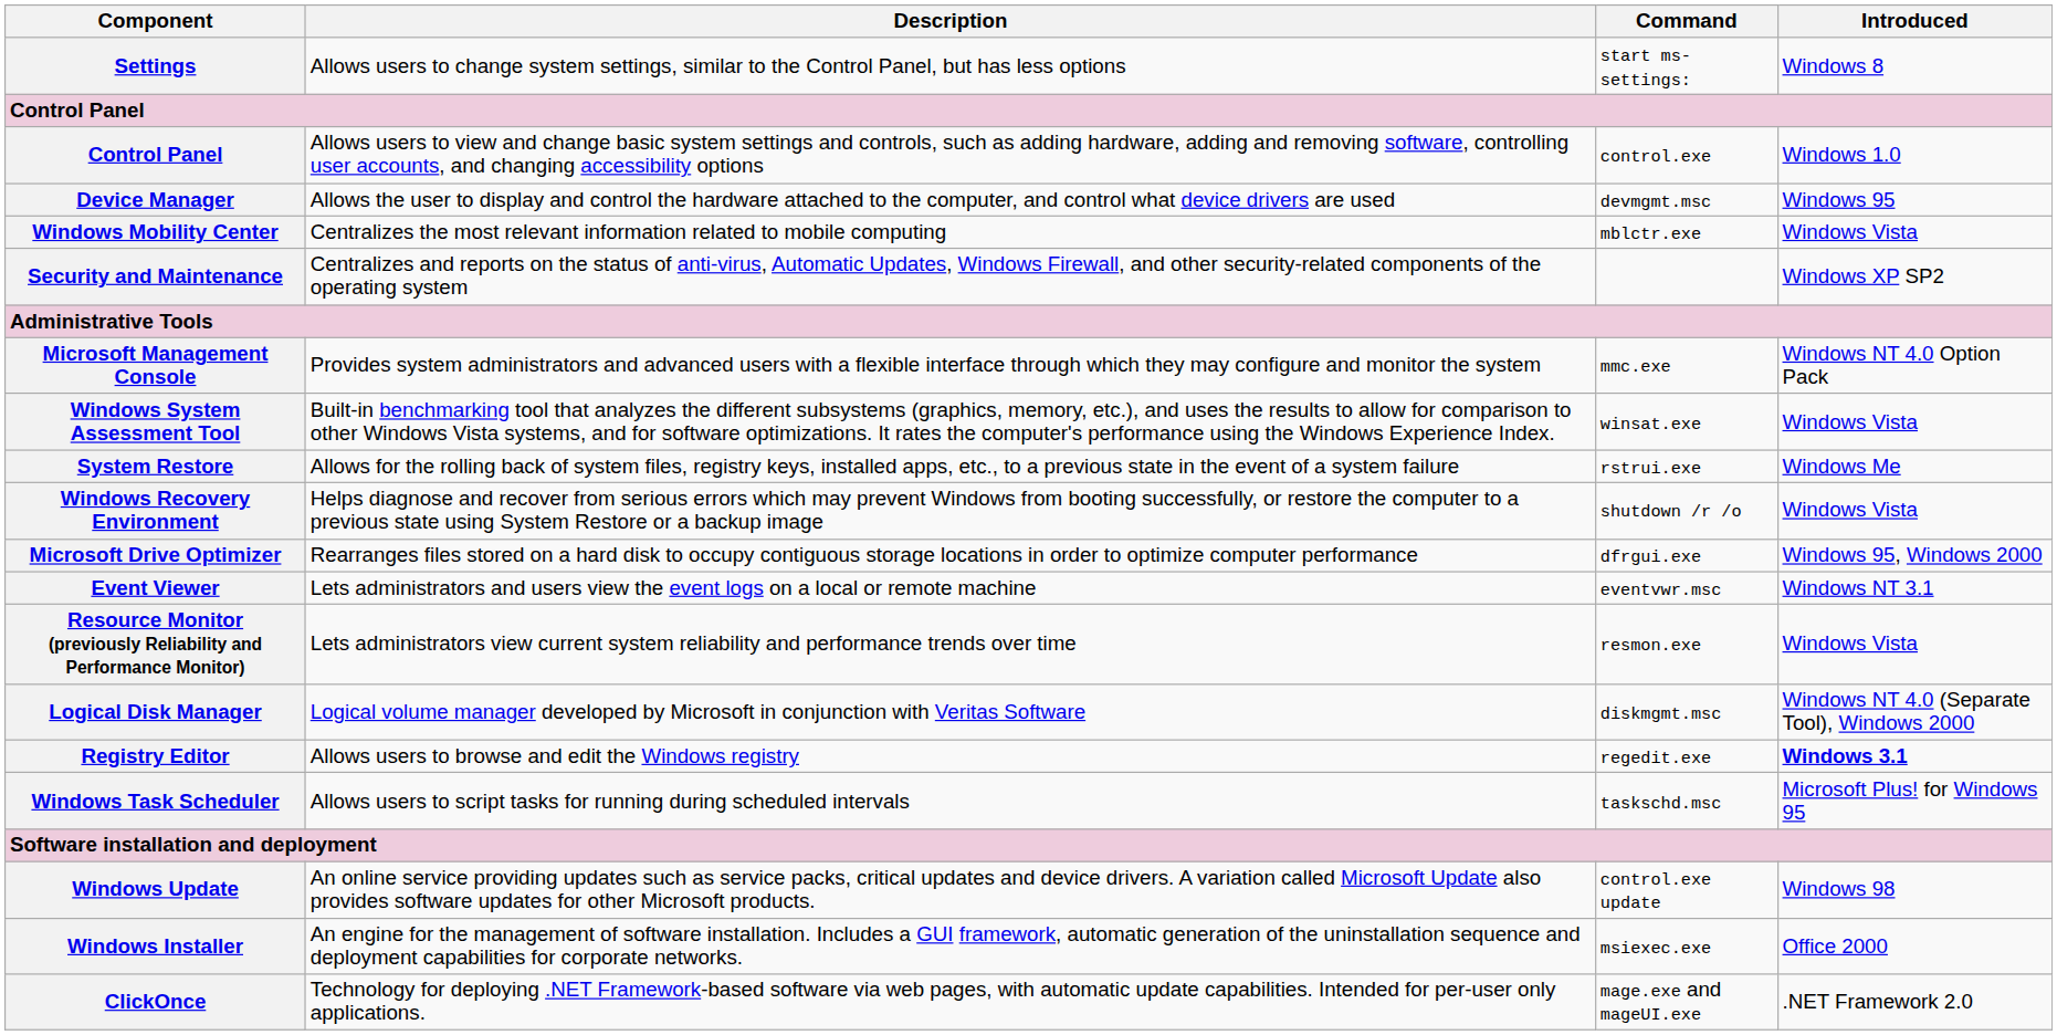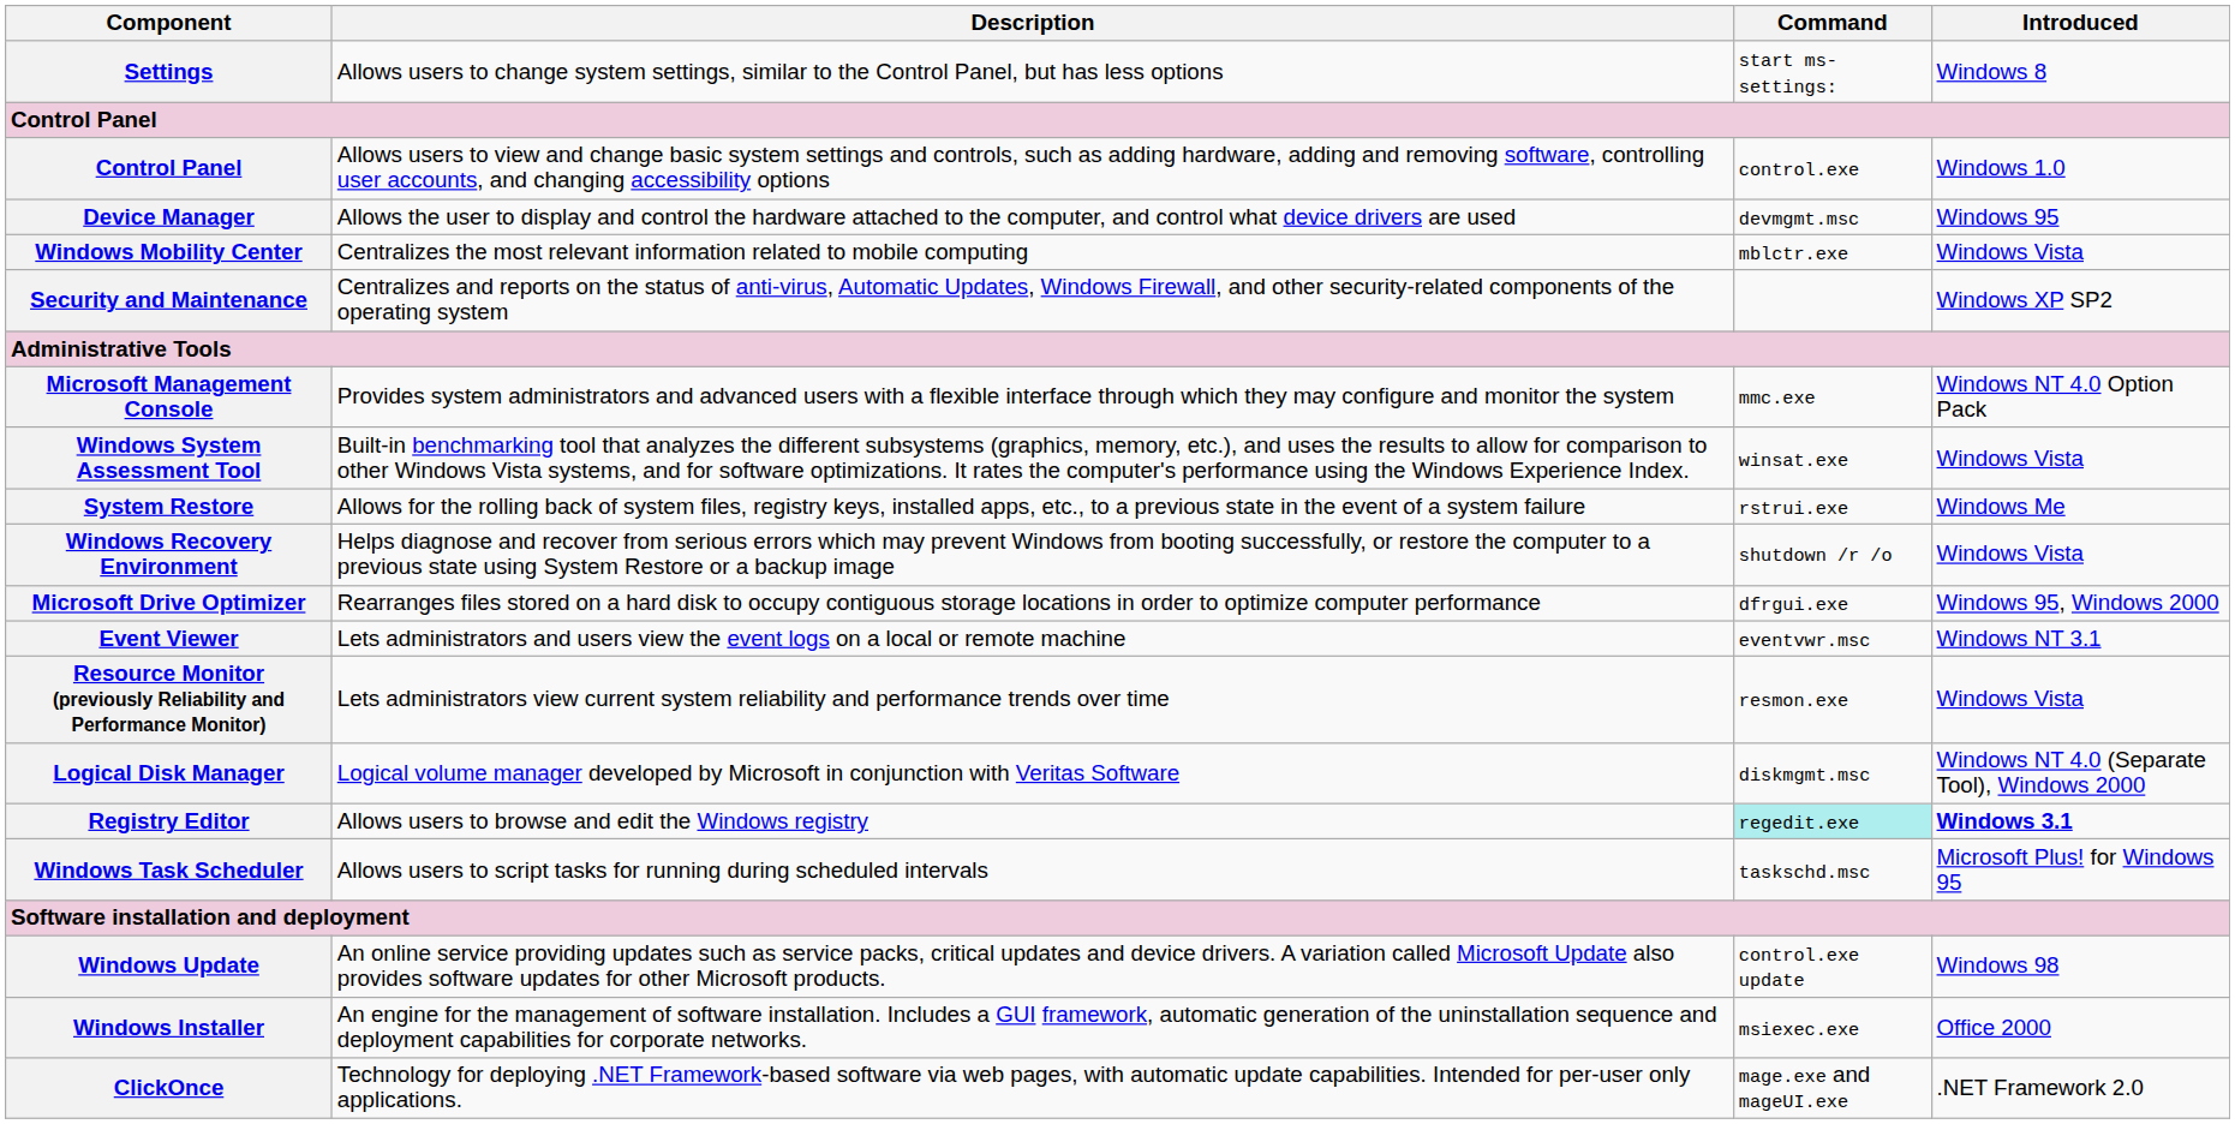 <table class="wikitable" width=100%>
 <tr>
 <th width="225" scope="col">Component</th>
 <th scope="col">Description</th>
 <th scope="col">Command</th>
 <th width="205" scope="col">Introduced</th>
 </tr>
 <tr>
 <th><a href='#'>Settings</a></th>
 <td>Allows users to change system settings, similar to the Control Panel, but has less options</td>
 <td><code>start ms-settings:</code></td>
 <td><a href='#'>Windows 8</a></td>
 </tr>
 <tr bgcolor="#eeccdd" height="25">
 <td colspan="5"><strong>Control Panel</strong></td>
 </tr>
 <tr>
 <th scope="row"><a href='#'>Control Panel</a></th>
 <td>Allows users to view and change basic system settings and controls, such as adding hardware, adding and removing <a href='#'>software</a>, controlling <a href='#'>user accounts</a>, and changing <a href='#'>accessibility</a> options</td>
 <td><code>control.exe</code></td>
 <td><a href='#'>Windows 1.0</a></td>
 </tr>
 <tr>
 <th scope="row"><a href='#'>Device Manager</a></th>
 <td>Allows the user to display and control the hardware attached to the computer, and control what <a href='#'>device drivers</a> are used</td>
 <td><code>devmgmt.msc</code></td>
 <td><a href='#'>Windows 95</a></td>
 </tr>
 <tr>
 <th scope="row"><a href='#'>Windows Mobility Center</a></th>
 <td>Centralizes the most relevant information related to mobile computing</td>
 <td><code>mblctr.exe</code></td>
 <td><a href='#'>Windows Vista</a></td>
 </tr>
 <tr>
 <th scope="row"><a href='#'>Security and Maintenance</a></th>
 <td>Centralizes and reports on the status of <a href='#'>anti-virus</a>, <a href='#'>Automatic Updates</a>, <a href='#'>Windows Firewall</a>, and other security-related components of the operating system</td>
 <td></td>
 <td><a href='#'>Windows XP</a> SP2</td>
 </tr>
 <tr bgcolor="#eeccdd" height="25">
 <td colspan="5"><strong>Administrative Tools</strong></td>
 </tr>
 <tr>
 <th scope="row"><a href='#'>Microsoft Management Console</a></th>
 <td>Provides system administrators and advanced users with a flexible interface through which they may configure and monitor the system</td>
 <td><code>mmc.exe</code></td>
 <td><a href='#'>Windows NT 4.0</a> Option Pack</td>
 </tr>
 <tr>
 <th scope="row"><a href='#'>Windows System Assessment Tool</a></th>
 <td>Built-in <a href='#'>benchmarking</a> tool that analyzes the different subsystems (graphics, memory, etc.), and uses the results to allow for comparison to other Windows Vista systems, and for software optimizations. It rates the computer's performance using the Windows Experience Index.</td>
 <td><code>winsat.exe</code></td>
 <td><a href='#'>Windows Vista</a></td>
 </tr>
 <tr>
 <th scope="row"><a href='#'>System Restore</a></th>
 <td>Allows for the rolling back of system files, registry keys, installed apps, etc., to a previous state in the event of a system failure</td>
 <td><code>rstrui.exe</code></td>
 <td><a href='#'>Windows Me</a></td>
 </tr>
 <tr>
 <th scope="row"><a href='#'>Windows Recovery Environment</a></th>
 <td>Helps diagnose and recover from serious errors which may prevent Windows from booting successfully, or restore the computer to a previous state using System Restore or a backup image</td>
 <td><code>shutdown /r /o</code></td>
 <td><a href='#'>Windows Vista</a></td>
 </tr>
 <tr>
 <th scope="row"><a href='#'>Microsoft Drive Optimizer</a></th>
 <td>Rearranges files stored on a hard disk to occupy contiguous storage locations in order to optimize computer performance</td>
 <td><code>dfrgui.exe</code></td>
 <td><a href='#'>Windows 95</a>, <a href='#'>Windows 2000</a></td>
 </tr>
 <tr>
 <th scope="row"><a href='#'>Event Viewer</a></th>
 <td>Lets administrators and users view the <a href='#'>event logs</a> on a local or remote machine</td>
 <td><code>eventvwr.msc</code></td>
 <td><a href='#'>Windows NT 3.1</a></td>
 </tr>
 <tr>
 <th scope="row"><a href='#'>Resource Monitor</a><br><small>(previously Reliability and Performance Monitor)</small></th>
 <td>Lets administrators view current system reliability and performance trends over time</td>
 <td><code>resmon.exe</code></td>
 <td><a href='#'>Windows Vista</a></td>
 </tr>
 <tr>
 <th scope="row"><a href='#'>Logical Disk Manager</a></th>
 <td><a href='#'>Logical volume manager</a> developed by Microsoft in conjunction with <a href='#'>Veritas Software</a></td>
 <td><code>diskmgmt.msc</code></td>
 <td><a href='#'>Windows NT 4.0</a> (Separate Tool), <a href='#'>Windows 2000</a></td>
 </tr>
 <tr>
 <th scope="row"><a href='#'>Registry Editor</a></th>
 <td>Allows users to browse and edit the <a href='#'>Windows registry</a></td>
-<td><code>regedit.exe</code></td>
+<td style="background: paleturquoise;"><code>regedit.exe</code></td>
 <td><strong><a href='#'>Windows 3.1</a></strong></td>
 </tr>
 <tr>
 <th scope="row"><a href='#'>Windows Task Scheduler</a></th>
 <td>Allows users to script tasks for running during scheduled intervals</td>
 <td><code>taskschd.msc</code></td>
 <td><a href='#'>Microsoft Plus!</a> for <a href='#'>Windows 95</a></td>
 </tr>
 <tr bgcolor="#eeccdd" height="25">
 <td colspan="5"><strong>Software installation and deployment</strong></td>
 </tr>
 <tr>
 <th scope="row"><a href='#'>Windows Update</a></th>
 <td>An online service providing updates such as service packs, critical updates and device drivers. A variation called <a href='#'>Microsoft Update</a> also provides software updates for other Microsoft products.</td>
 <td><code>control.exe update</code></td>
 <td><a href='#'>Windows 98</a></td>
 </tr>
 <tr>
 <th scope="row"><a href='#'>Windows Installer</a></th>
 <td>An engine for the management of software installation.  Includes a <a href='#'>GUI</a> <a href='#'>framework</a>, automatic generation of the uninstallation sequence and deployment capabilities for corporate networks.</td>
 <td><code>msiexec.exe</code></td>
 <td><a href='#'>Office 2000</a></td>
 </tr>
 <tr>
 <th scope="row"><a href='#'>ClickOnce</a></th>
 <td>Technology for deploying <a href='#'>.NET Framework</a>-based software via web pages, with automatic update capabilities.  Intended for per-user only applications.</td>
 <td><code>mage.exe</code> and <code>mageUI.exe</code></td>
 <td>.NET Framework 2.0</td>
 </tr>
 </table>
